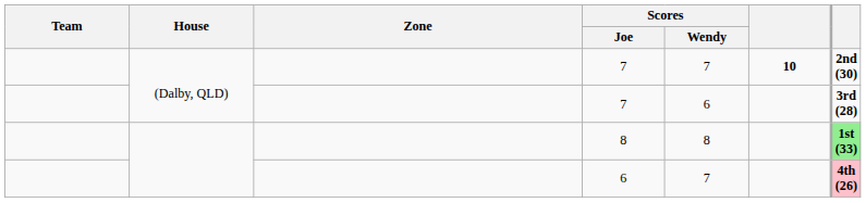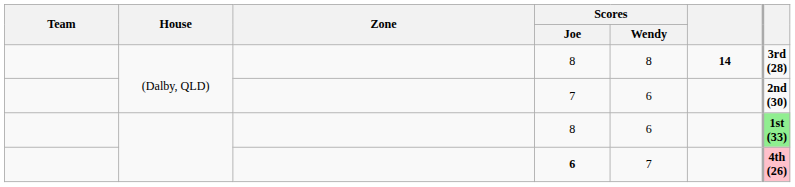 <table class="wikitable plainrowheaders" style="text-align:center; font-size:90%; width:65em;">
 <tr>
 <th rowspan="2">Team</th>
 <th rowspan="2">House</th>
 <th rowspan="2" style="width:40%;">Zone</th>
 <th colspan="2" style="width:30%;">Scores</th>
 <th rowspan="2" style="width:15%;"></th>
 <th rowspan="2" style="width:15%; border-left:3px solid #aaa;"></th>
 </tr>
 <tr>
 <th style="width:10%;">Joe</th>
 <th style="width:10%;">Wendy</th>
 </tr>
 <tr>
 <td style="width:15%;"></td>
 <td rowspan=2 style="width:15%;"><br>(Dalby, QLD)</td>
 <td></td>
-<td>7</td>
-<td>7</td>
-<td><strong>10</strong></td>
-<td style="border-left:3px solid #aaa;"><strong>2nd (30)</strong></td>
+<td>8</td>
+<td>8</td>
+<td><strong>14</strong></td>
+<td style="border-left:3px solid #aaa;"><strong>3rd (28)</strong></td>
 </tr>
 <tr>
 <td style="width:15%;"></td>
 <td></td>
 <td>7</td>
 <td>6</td>
 <td></td>
-<td style="border-left:3px solid #aaa;"><strong>3rd (28)</strong></td>
+<td style="border-left:3px solid #aaa;"><strong>2nd (30)</strong></td>
 </tr>
 <tr>
 <td style="width:15%;"></td>
 <td rowspan=2 style="width:15%;"><br></td>
 <td></td>
 <td>8</td>
-<td>8</td>
+<td>6</td>
 <td></td>
 <td style="border-left:3px solid #aaa;" bgcolor="lightgreen"><strong>1st (33)</strong></td>
 </tr>
 <tr>
 <td style="width:15%;"></td>
 <td></td>
-<td>6</td>
+<td><strong>6</strong></td>
 <td>7</td>
 <td></td>
 <td style="border-left:3px solid #aaa;" bgcolor="pink"><strong>4th (26)</strong></td>
 </tr>
 </table>
